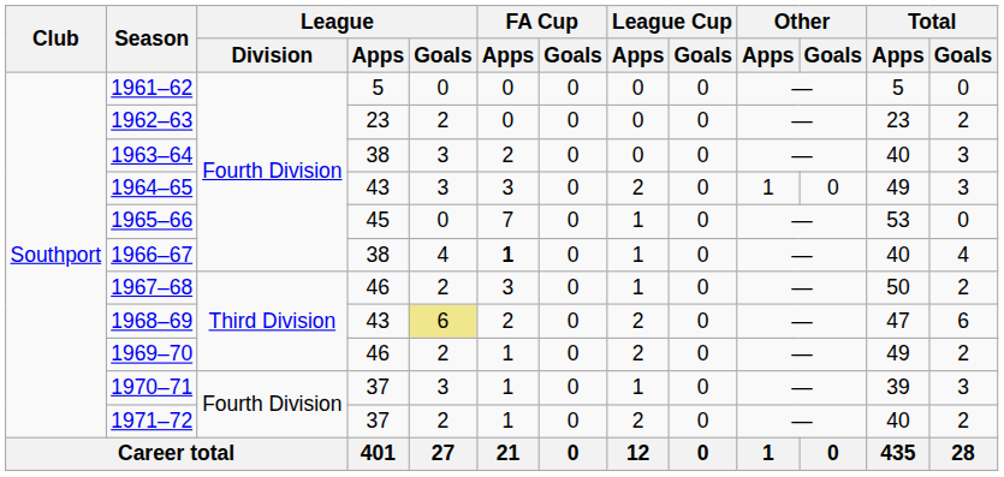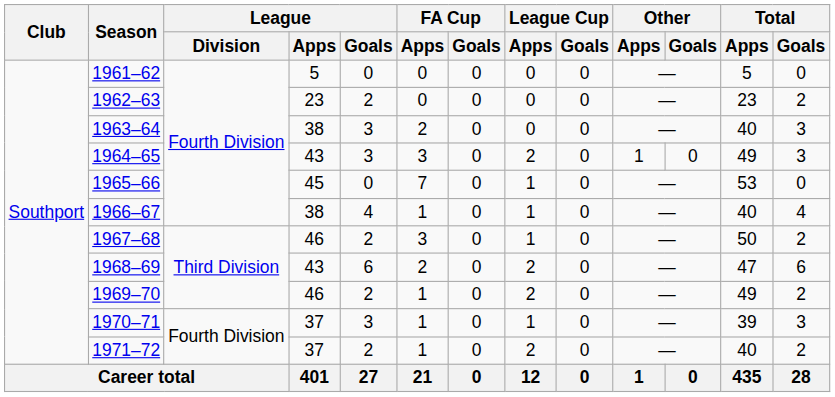 <table class="wikitable" style="text-align: center;">
 <tr>
 <th rowspan="2">Club</th>
 <th rowspan="2">Season</th>
 <th colspan="3">League</th>
 <th colspan="2">FA Cup</th>
 <th colspan="2">League Cup</th>
 <th colspan="2">Other</th>
 <th colspan="2">Total</th>
 </tr>
 <tr>
 <th>Division</th>
 <th>Apps</th>
 <th>Goals</th>
 <th>Apps</th>
 <th>Goals</th>
 <th>Apps</th>
 <th>Goals</th>
 <th>Apps</th>
 <th>Goals</th>
 <th>Apps</th>
 <th>Goals</th>
 </tr>
 <tr>
 <td rowspan="11"><a href='#'>Southport</a></td>
 <td><a href='#'>1961–62</a></td>
 <td rowspan="6"><a href='#'>Fourth Division</a></td>
 <td>5</td>
 <td>0</td>
 <td>0</td>
 <td>0</td>
 <td>0</td>
 <td>0</td>
 <td colspan="2">—</td>
 <td>5</td>
 <td>0</td>
 </tr>
 <tr>
 <td><a href='#'>1962–63</a></td>
 <td>23</td>
 <td>2</td>
 <td>0</td>
 <td>0</td>
 <td>0</td>
 <td>0</td>
 <td colspan="2">—</td>
 <td>23</td>
 <td>2</td>
 </tr>
 <tr>
 <td><a href='#'>1963–64</a></td>
 <td>38</td>
 <td>3</td>
 <td>2</td>
 <td>0</td>
 <td>0</td>
 <td>0</td>
 <td colspan="2">—</td>
 <td>40</td>
 <td>3</td>
 </tr>
 <tr>
 <td><a href='#'>1964–65</a></td>
 <td>43</td>
 <td>3</td>
 <td>3</td>
 <td>0</td>
 <td>2</td>
 <td>0</td>
 <td>1</td>
 <td>0</td>
 <td>49</td>
 <td>3</td>
 </tr>
 <tr>
 <td><a href='#'>1965–66</a></td>
 <td>45</td>
 <td>0</td>
 <td>7</td>
 <td>0</td>
 <td>1</td>
 <td>0</td>
 <td colspan="2">—</td>
 <td>53</td>
 <td>0</td>
 </tr>
 <tr>
 <td><a href='#'>1966–67</a></td>
 <td>38</td>
 <td>4</td>
-<td><strong>1</strong></td>
+<td>1</td>
 <td>0</td>
 <td>1</td>
 <td>0</td>
 <td colspan="2">—</td>
 <td>40</td>
 <td>4</td>
 </tr>
 <tr>
 <td><a href='#'>1967–68</a></td>
 <td rowspan="3"><a href='#'>Third Division</a></td>
 <td>46</td>
 <td>2</td>
 <td>3</td>
 <td>0</td>
 <td>1</td>
 <td>0</td>
 <td colspan="2">—</td>
 <td>50</td>
 <td>2</td>
 </tr>
 <tr>
 <td><a href='#'>1968–69</a></td>
 <td>43</td>
-<td style="background: khaki;">6</td>
+<td>6</td>
 <td>2</td>
 <td>0</td>
 <td>2</td>
 <td>0</td>
 <td colspan="2">—</td>
 <td>47</td>
 <td>6</td>
 </tr>
 <tr>
 <td><a href='#'>1969–70</a></td>
 <td>46</td>
 <td>2</td>
 <td>1</td>
 <td>0</td>
 <td>2</td>
 <td>0</td>
 <td colspan="2">—</td>
 <td>49</td>
 <td>2</td>
 </tr>
 <tr>
 <td><a href='#'>1970–71</a></td>
 <td rowspan="2">Fourth Division</td>
 <td>37</td>
 <td>3</td>
 <td>1</td>
 <td>0</td>
 <td>1</td>
 <td>0</td>
 <td colspan="2">—</td>
 <td>39</td>
 <td>3</td>
 </tr>
 <tr>
 <td><a href='#'>1971–72</a></td>
 <td>37</td>
 <td>2</td>
 <td>1</td>
 <td>0</td>
 <td>2</td>
 <td>0</td>
 <td colspan="2">—</td>
 <td>40</td>
 <td>2</td>
 </tr>
 <tr>
 <th colspan="3">Career total</th>
 <th>401</th>
 <th>27</th>
 <th>21</th>
 <th>0</th>
 <th>12</th>
 <th>0</th>
 <th>1</th>
 <th>0</th>
 <th>435</th>
 <th>28</th>
 </tr>
 </table>
